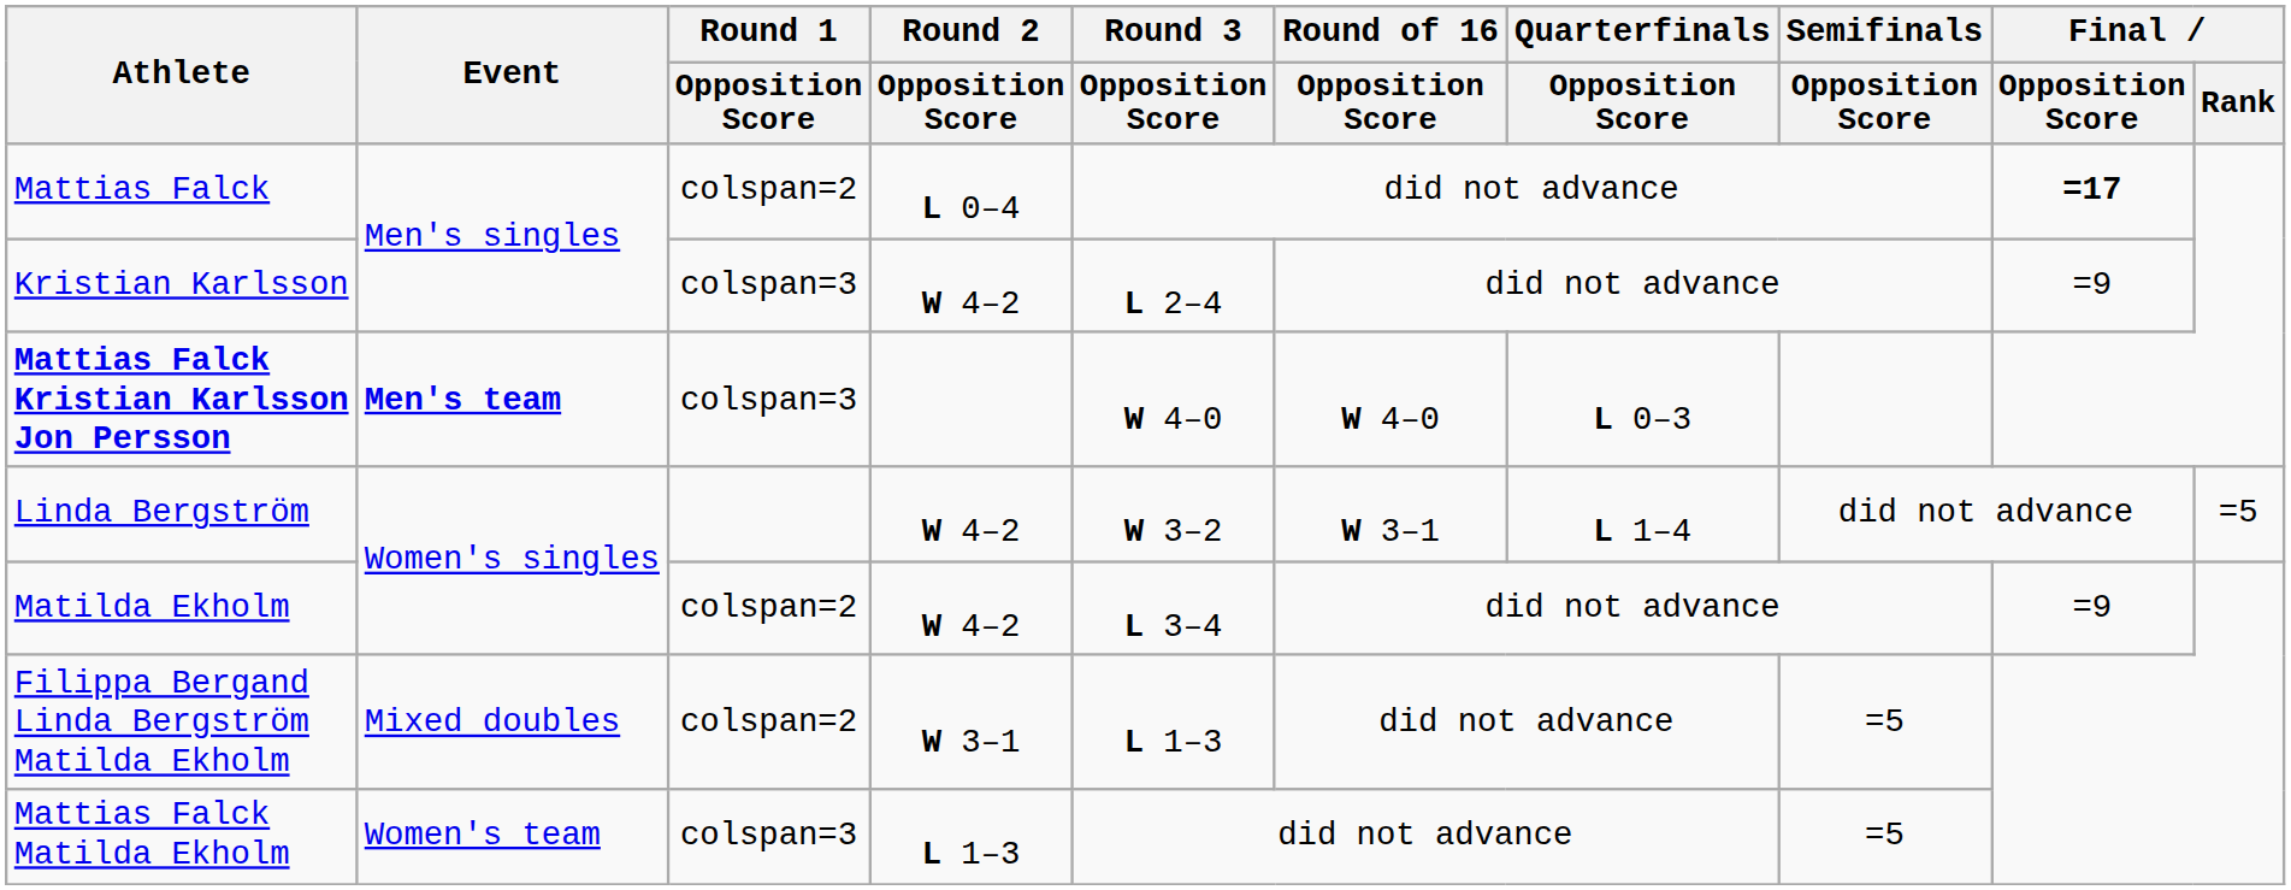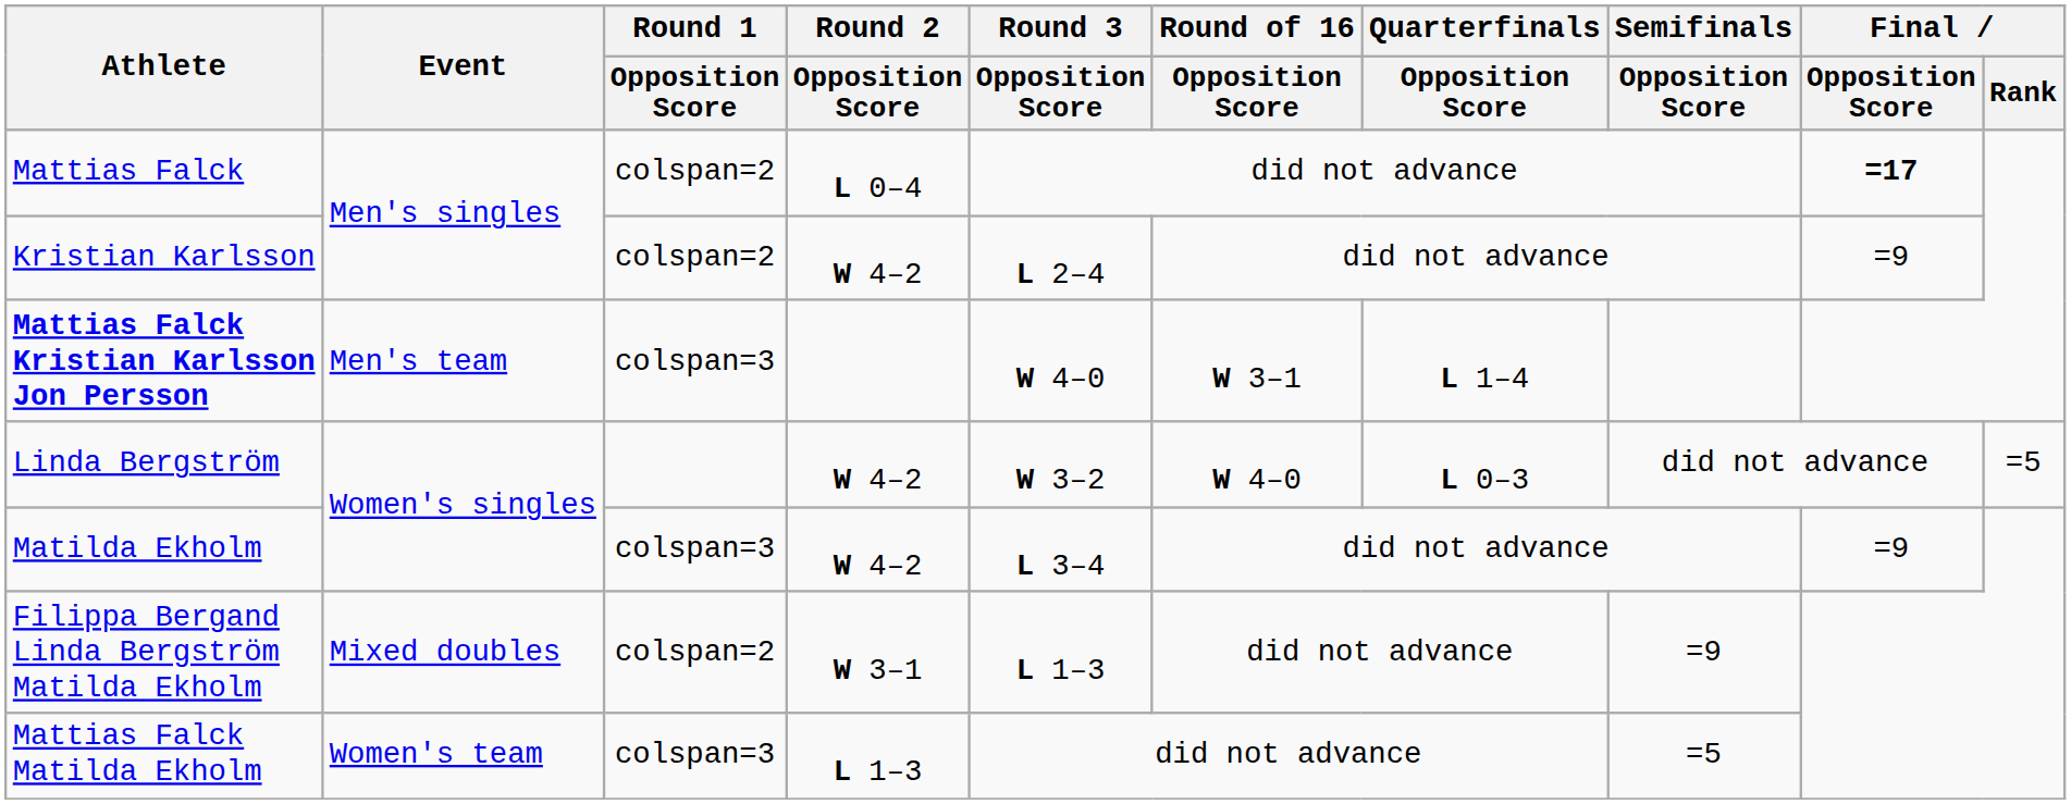 <table class=wikitable style="font-size:90%">
 <tr>
 <th rowspan="2">Athlete</th>
 <th rowspan="2">Event</th>
 <th>Round 1</th>
 <th>Round 2</th>
 <th>Round 3</th>
 <th>Round of 16</th>
 <th>Quarterfinals</th>
 <th>Semifinals</th>
 <th colspan=2>Final / </th>
 </tr>
 <tr style="font-size:95%">
 <th>Opposition<br>Score</th>
 <th>Opposition<br>Score</th>
 <th>Opposition<br>Score</th>
 <th>Opposition<br>Score</th>
 <th>Opposition<br>Score</th>
 <th>Opposition<br>Score</th>
 <th>Opposition<br>Score</th>
 <th>Rank</th>
 </tr>
 <tr align=center>
 <td align=left><a href='#'>Mattias Falck</a></td>
 <td align=left rowspan=2><a href='#'>Men's singles</a></td>
 <td>colspan=2 </td>
 <td><br><strong>L</strong> 0–4</td>
 <td colspan=4>did not advance</td>
 <td><strong>=17</strong></td>
 </tr>
 <tr align=center>
 <td align=left><a href='#'>Kristian Karlsson</a></td>
-<td>colspan=3 </td>
+<td>colspan=2 </td>
 <td><br><strong>W</strong> 4–2</td>
 <td><br><strong>L</strong> 2–4</td>
 <td colspan=3>did not advance</td>
 <td>=9</td>
 </tr>
 <tr align=center>
 <td align=left><strong><a href='#'>Mattias Falck</a></strong><br><strong><a href='#'>Kristian Karlsson</a></strong><br><strong><a href='#'>Jon Persson</a></strong></td>
-<td align=left><strong><a href='#'>Men's team</a></strong></td>
+<td align=left><a href='#'>Men's team</a></td>
 <td>colspan=3 </td>
 <td></td>
 <td><br><strong>W</strong> 4–0</td>
-<td><br><strong>W</strong> 4–0</td>
-<td><br><strong>L</strong> 0–3</td>
+<td><br><strong>W</strong> 3–1</td>
+<td><br><strong>L</strong> 1–4</td>
 <td></td>
 </tr>
 <tr align=center>
 <td align=left><a href='#'>Linda Bergström</a></td>
 <td align=left rowspan=2><a href='#'>Women's singles</a></td>
 <td></td>
 <td><br><strong>W</strong> 4–2</td>
 <td><br><strong>W</strong> 3–2</td>
-<td><br><strong>W</strong> 3–1</td>
-<td><br><strong>L</strong> 1–4</td>
+<td><br><strong>W</strong> 4–0</td>
+<td><br><strong>L</strong> 0–3</td>
 <td colspan=2>did not advance</td>
 <td>=5</td>
 </tr>
 <tr align=center>
 <td align=left><a href='#'>Matilda Ekholm</a></td>
-<td>colspan=2 </td>
+<td>colspan=3 </td>
 <td><br><strong>W</strong> 4–2</td>
 <td><br><strong>L</strong> 3–4</td>
 <td colspan=3>did not advance</td>
 <td>=9</td>
 </tr>
 <tr align=center>
 <td align=left><a href='#'>Filippa Bergand</a><br><a href='#'>Linda Bergström</a><br><a href='#'>Matilda Ekholm</a></td>
 <td align=left><a href='#'>Mixed doubles</a></td>
 <td>colspan=2 </td>
 <td><br><strong>W</strong> 3–1</td>
 <td><br><strong>L</strong> 1–3</td>
 <td colspan=2>did not advance</td>
-<td>=5</td>
+<td>=9</td>
 </tr>
 <tr align=center>
 <td align=left><a href='#'>Mattias Falck</a><br><a href='#'>Matilda Ekholm</a></td>
 <td align=left><a href='#'>Women's team</a></td>
 <td>colspan=3 </td>
 <td><br><strong>L</strong> 1–3</td>
 <td colspan=3>did not advance</td>
 <td>=5</td>
 </tr>
 </table>
